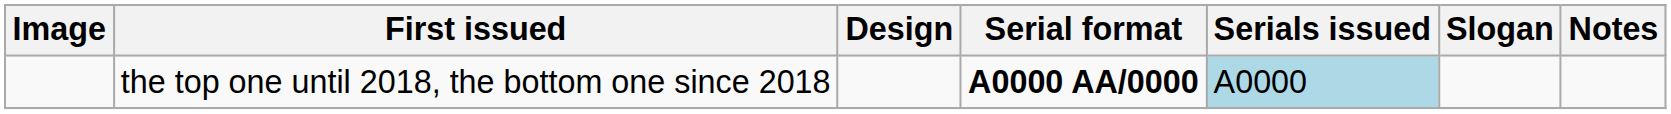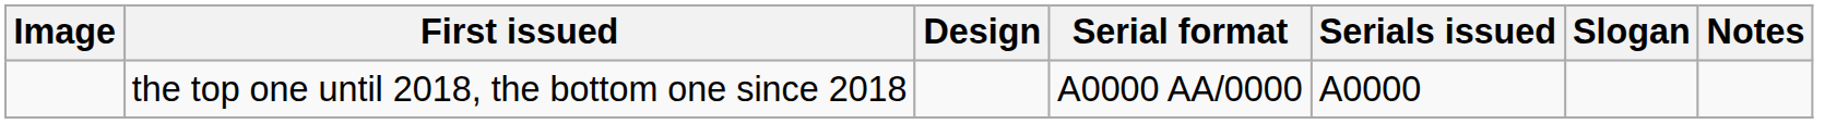 <table class="wikitable">
 <tr>
 <th>Image</th>
 <th>First issued</th>
 <th>Design</th>
 <th>Serial format</th>
 <th>Serials issued</th>
 <th>Slogan</th>
 <th>Notes</th>
 </tr>
 <tr>
 <td></td>
 <td>the top one until 2018, the bottom one since 2018</td>
 <td></td>
-<td><strong>A0000 AA/0000</strong></td>
-<td style="background: lightblue;">A0000</td>
+<td>A0000 AA/0000</td>
+<td>A0000</td>
 <td></td>
 <td></td>
 </tr>
 <tr>
 </tr>
 </table>
